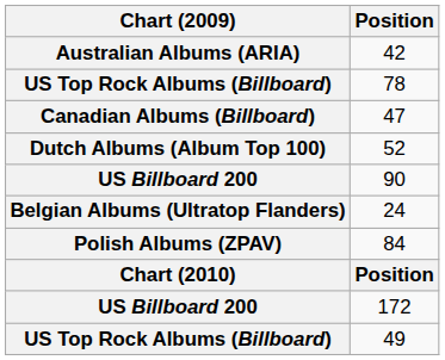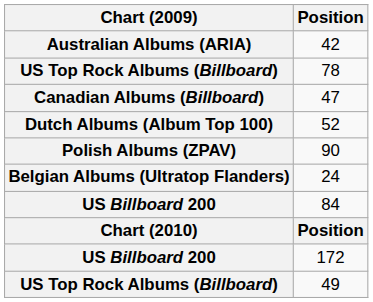 <table class="wikitable plainrowheaders" style="text-align:center">
 <tr>
 <th scope="col">Chart (2009)</th>
 <th scope="col">Position</th>
 </tr>
 <tr>
 <th scope="row">Australian Albums (ARIA)</th>
 <td>42</td>
 </tr>
 <tr>
 <th scope="row">US Top Rock Albums (<em>Billboard</em>)</th>
 <td>78</td>
 </tr>
 <tr>
 <th scope="row">Canadian Albums (<em>Billboard</em>)</th>
 <td>47</td>
 </tr>
 <tr>
 <th scope="row">Dutch Albums (Album Top 100)</th>
 <td>52</td>
 </tr>
 <tr>
-<th scope="row">US <em>Billboard</em> 200</th>
+<th scope="row">Polish Albums (ZPAV)</th>
 <td>90</td>
 </tr>
 <tr>
 <th scope="row">Belgian Albums (Ultratop Flanders)</th>
 <td>24</td>
 </tr>
 <tr>
-<th scope="row">Polish Albums (ZPAV)</th>
+<th scope="row">US <em>Billboard</em> 200</th>
 <td>84</td>
 </tr>
 <tr>
 <th scope="col">Chart (2010)</th>
 <th scope="col">Position</th>
 </tr>
 <tr>
 <th scope="row">US <em>Billboard</em> 200</th>
 <td>172</td>
 </tr>
 <tr>
 <th scope="row">US Top Rock Albums (<em>Billboard</em>)</th>
 <td>49</td>
 </tr>
 </table>
